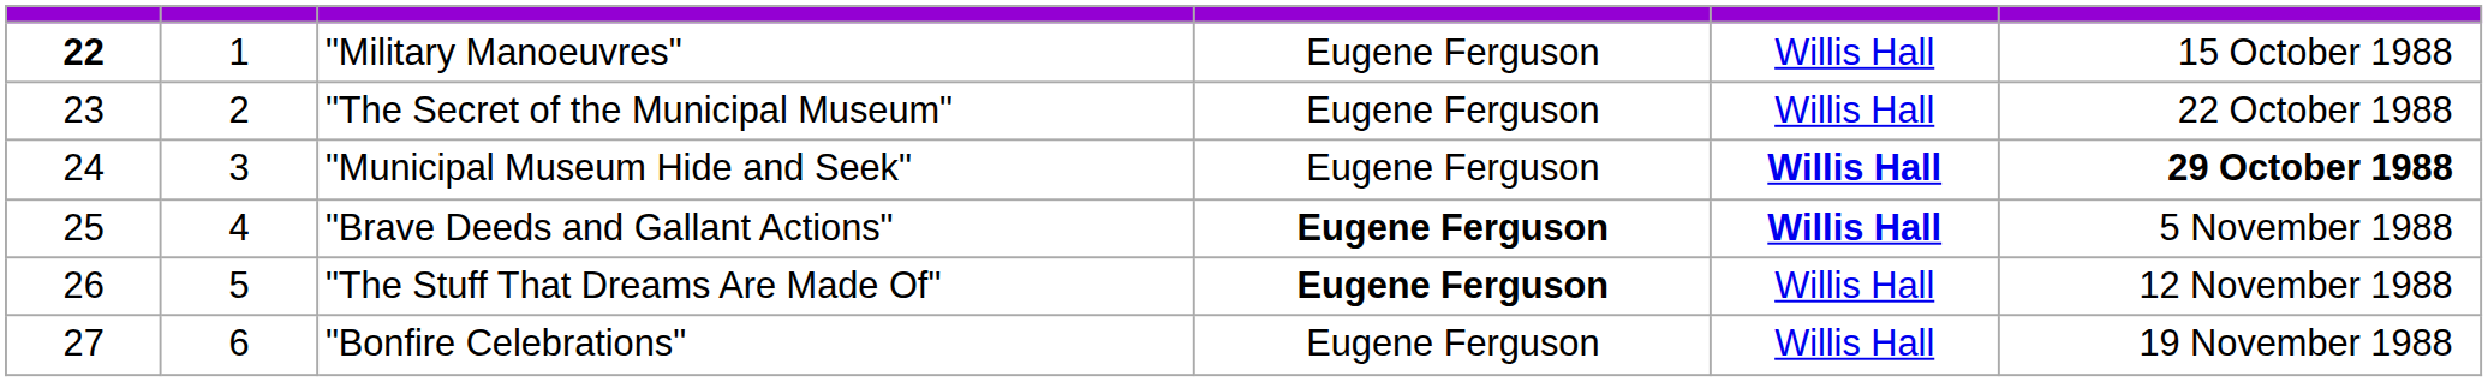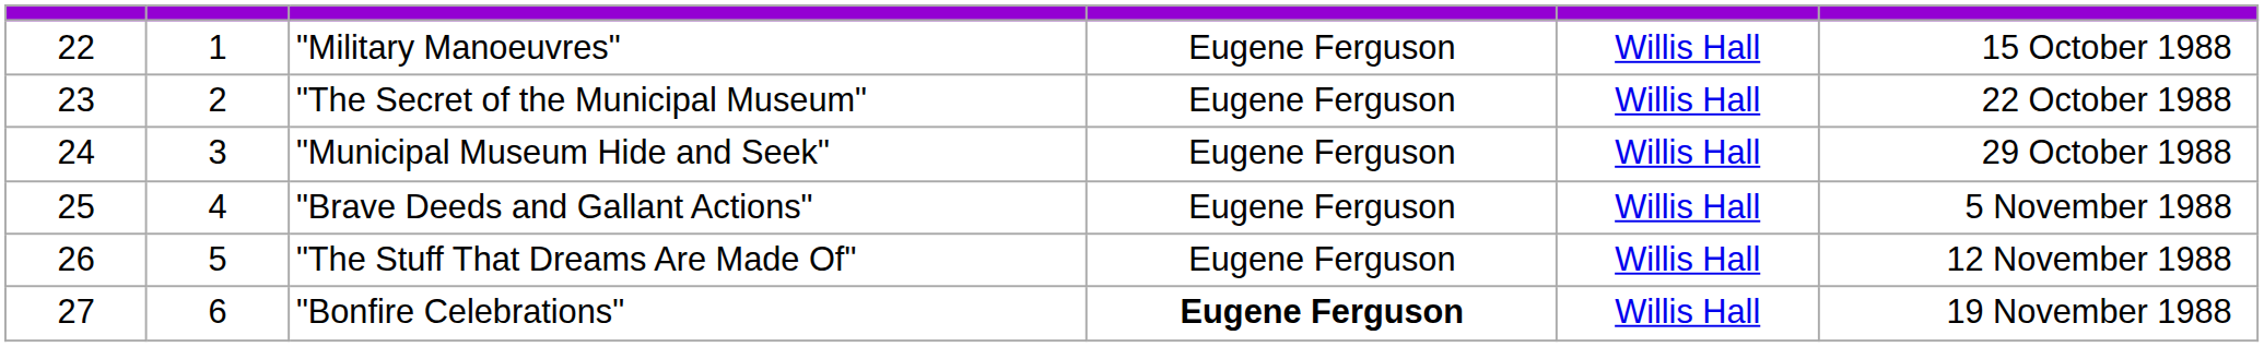 <table class="wikitable" style="width:85%; background:white">
 <tr>
 <td bgcolor=9400D3 align=center></td>
 <td bgcolor=9400D3 align=center></td>
 <td bgcolor=9400D3 align=center></td>
 <td bgcolor=9400D3 align=center></td>
 <td bgcolor=9400D3 align=center></td>
 <td bgcolor=9400D3 align=center></td>
 </tr>
 <tr>
-<td width=40px align=center><strong>22</strong></td>
+<td width=40px align=center>22</td>
 <td width=40px align=center>1</td>
 <td width=260px align=left>"Military Manoeuvres"</td>
 <td width=150px align=center>Eugene Ferguson</td>
 <td width=80px align=center><a href='#'>Willis Hall</a></td>
 <td width=140px align=right>15 October 1988  </td>
 </tr>
 <tr>
 <td align=center>23</td>
 <td align=center>2</td>
 <td align=left>"The Secret of the Municipal Museum"</td>
 <td align=center>Eugene Ferguson</td>
 <td align=center><a href='#'>Willis Hall</a></td>
 <td align=right>22 October 1988  </td>
 </tr>
 <tr>
 <td align=center>24</td>
 <td align=center>3</td>
 <td align=left>"Municipal Museum Hide and Seek"</td>
 <td align=center>Eugene Ferguson</td>
-<td align=center><strong><a href='#'>Willis Hall</a></strong></td>
-<td align=right><strong>29 October 1988  </strong></td>
+<td align=center><a href='#'>Willis Hall</a></td>
+<td align=right>29 October 1988  </td>
 </tr>
 <tr>
 <td align=center>25</td>
 <td align=center>4</td>
 <td align=left>"Brave Deeds and Gallant Actions"</td>
-<td align=center><strong>Eugene Ferguson</strong></td>
-<td align=center><strong><a href='#'>Willis Hall</a></strong></td>
+<td align=center>Eugene Ferguson</td>
+<td align=center><a href='#'>Willis Hall</a></td>
 <td align=right>5 November 1988  </td>
 </tr>
 <tr>
 <td align=center>26</td>
 <td align=center>5</td>
 <td align=left>"The Stuff That Dreams Are Made Of"</td>
-<td align=center><strong>Eugene Ferguson</strong></td>
+<td align=center>Eugene Ferguson</td>
 <td align=center><a href='#'>Willis Hall</a></td>
 <td align=right>12 November 1988  </td>
 </tr>
 <tr>
 <td align=center>27</td>
 <td align=center>6</td>
 <td align=left>"Bonfire Celebrations"</td>
-<td align=center>Eugene Ferguson</td>
+<td align=center><strong>Eugene Ferguson</strong></td>
 <td align=center><a href='#'>Willis Hall</a></td>
 <td align=right>19 November 1988  </td>
 </tr>
 </table>
